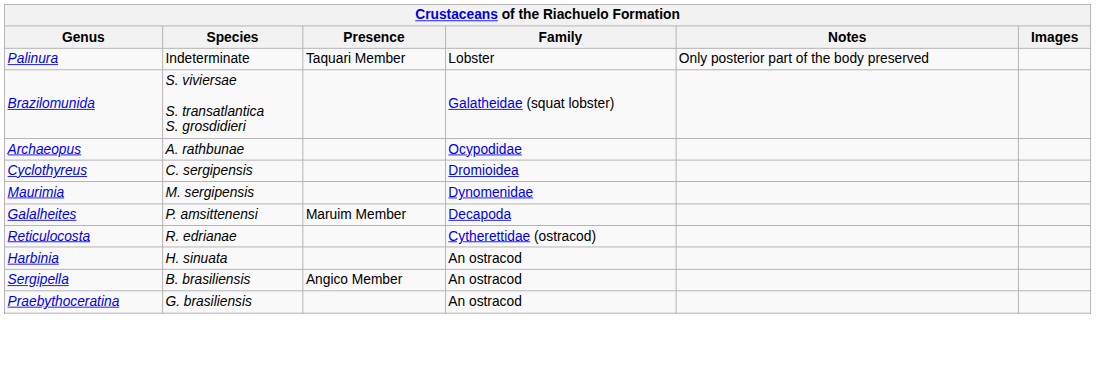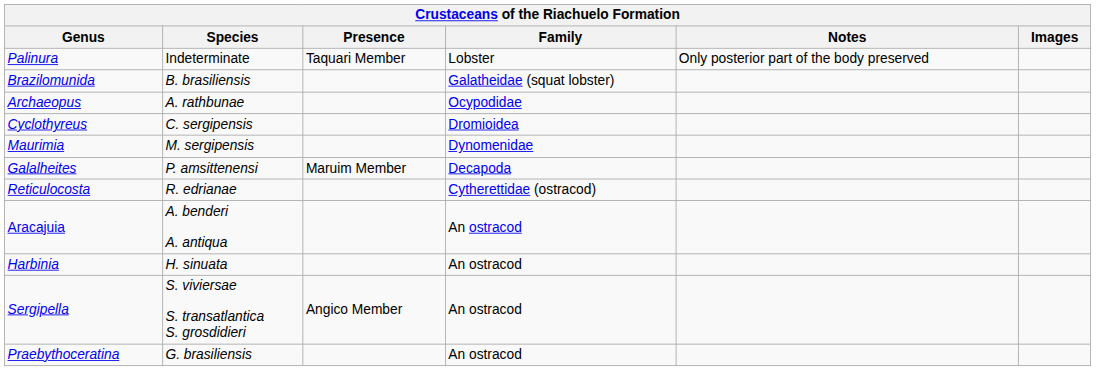 <table class="wikitable" align="center" width="100%">
 <tr>
 <th colspan="6" align="center"><strong><a href='#'>Crustaceans</a> of the Riachuelo Formation</strong></th>
 </tr>
 <tr>
 <th>Genus</th>
 <th>Species</th>
 <th>Presence</th>
 <th>Family</th>
 <th>Notes</th>
 <th>Images</th>
 </tr>
 <tr>
 <td><em><a href='#'>Palinura</a></em></td>
 <td>Indeterminate</td>
 <td>Taquari Member</td>
 <td>Lobster</td>
 <td>Only posterior part of the body preserved</td>
 <td></td>
 </tr>
 <tr>
 <td><em><a href='#'>Brazilomunida</a></em></td>
-<td><em>S. viviersae</em><br><br><em>S. transatlantica</em><br> <em>S. grosdidieri</em></td>
+<td><em>B. brasiliensis</em></td>
 <td></td>
 <td><a href='#'>Galatheidae</a> (squat lobster)</td>
 <td></td>
 <td></td>
 </tr>
 <tr>
 <td><em><a href='#'>Archaeopus</a></em></td>
 <td><em>A. rathbunae</em></td>
 <td></td>
 <td><a href='#'>Ocypodidae</a></td>
 <td></td>
 <td></td>
 </tr>
 <tr>
 <td><em><a href='#'>Cyclothyreus</a></em></td>
 <td><em>C. sergipensis</em></td>
 <td></td>
 <td><a href='#'>Dromioidea</a></td>
 <td></td>
 <td></td>
 </tr>
 <tr>
 <td><em><a href='#'>Maurimia</a></em></td>
 <td><em>M. sergipensis</em></td>
 <td></td>
 <td><a href='#'>Dynomenidae</a></td>
 <td></td>
 <td></td>
 </tr>
 <tr>
 <td><em><a href='#'>Galalheites</a></em></td>
 <td><em>P. amsittenensi</em></td>
 <td>Maruim Member</td>
 <td><a href='#'>Decapoda</a></td>
 <td></td>
 <td></td>
 </tr>
 <tr>
 <td><em><a href='#'>Reticulocosta</a></em></td>
 <td><em>R. edrianae</em></td>
 <td></td>
 <td><a href='#'>Cytherettidae</a> (ostracod)</td>
 <td></td>
 <td></td>
 </tr>
 <tr>
+<td><a href='#'>Aracajuia</a></td>
+<td><em>A. benderi</em><br><br><em>A. antiqua</em></td>
+<td></td>
+<td>An <a href='#'>ostracod</a></td>
+<td></td>
+<td></td>
+</tr>
+<tr>
 <td><em><a href='#'>Harbinia</a></em></td>
 <td><em>H. sinuata</em></td>
 <td></td>
 <td>An ostracod</td>
 <td></td>
 <td></td>
 </tr>
 <tr>
 <td><em><a href='#'>Sergipella</a></em></td>
-<td><em>B. brasiliensis</em></td>
+<td><em>S. viviersae</em><br><br><em>S. transatlantica</em><br> <em>S. grosdidieri</em></td>
 <td>Angico Member</td>
 <td>An ostracod</td>
 <td></td>
 <td></td>
 </tr>
 <tr>
 <td><em><a href='#'>Praebythoceratina</a></em></td>
 <td><em>G. brasiliensis</em></td>
 <td></td>
 <td>An ostracod</td>
 <td></td>
 <td></td>
 </tr>
 </table>
